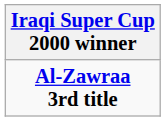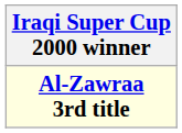 <table class="wikitable" style="text-align: center; margin: 0 auto;">
 <tr>
 <th><a href='#'>Iraqi Super Cup</a><br>2000 winner</th>
 </tr>
 <tr>
-<td><strong><a href='#'>Al-Zawraa</a></strong><br><strong>3rd title</strong></td>
+<td style="background: lightyellow;"><strong><a href='#'>Al-Zawraa</a></strong><br><strong>3rd title</strong></td>
 </tr>
 </table>
